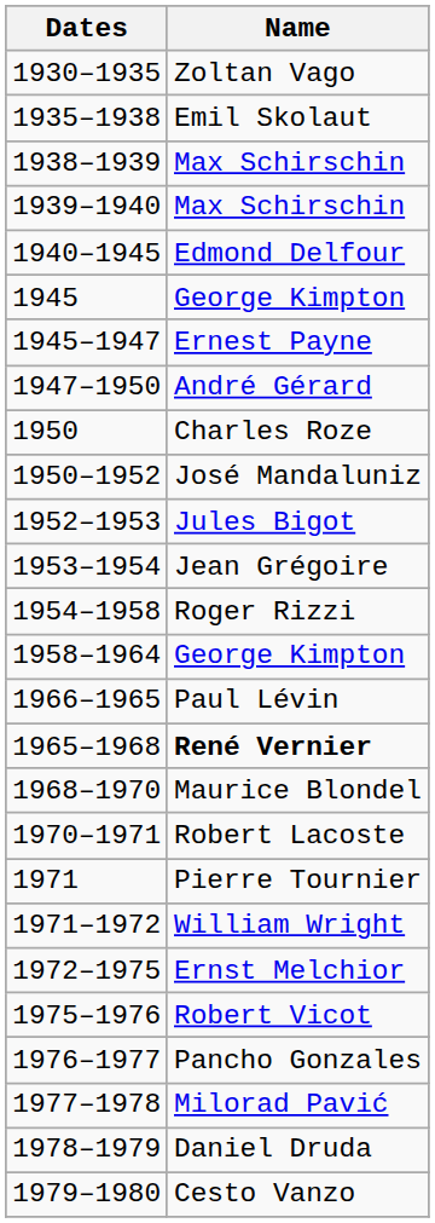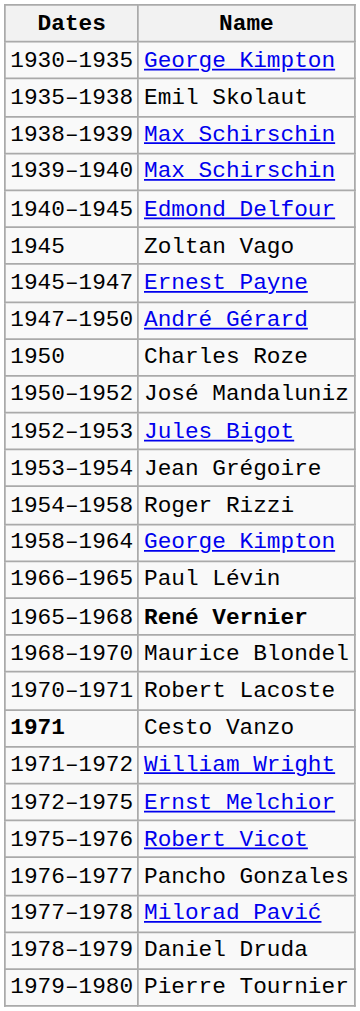 <table class="wikitable">
 <tr>
 <th>Dates</th>
 <th>Name</th>
 </tr>
 <tr>
 <td>1930–1935</td>
-<td>Zoltan Vago</td>
+<td><a href='#'>George Kimpton</a></td>
 </tr>
 <tr>
 <td>1935–1938</td>
 <td>Emil Skolaut</td>
 </tr>
 <tr>
 <td>1938–1939</td>
 <td><a href='#'>Max Schirschin</a></td>
 </tr>
 <tr>
 <td>1939–1940</td>
 <td><a href='#'>Max Schirschin</a></td>
 </tr>
 <tr>
 <td>1940–1945</td>
 <td><a href='#'>Edmond Delfour</a></td>
 </tr>
 <tr>
 <td>1945</td>
-<td><a href='#'>George Kimpton</a></td>
+<td>Zoltan Vago</td>
 </tr>
 <tr>
 <td>1945–1947</td>
 <td><a href='#'>Ernest Payne</a></td>
 </tr>
 <tr>
 <td>1947–1950</td>
 <td><a href='#'>André Gérard</a></td>
 </tr>
 <tr>
 <td>1950</td>
 <td>Charles Roze</td>
 </tr>
 <tr>
 <td>1950–1952</td>
 <td>José Mandaluniz</td>
 </tr>
 <tr>
 <td>1952–1953</td>
 <td><a href='#'>Jules Bigot</a></td>
 </tr>
 <tr>
 <td>1953–1954</td>
 <td>Jean Grégoire</td>
 </tr>
 <tr>
 <td>1954–1958</td>
 <td>Roger Rizzi</td>
 </tr>
 <tr>
 <td>1958–1964</td>
 <td><a href='#'>George Kimpton</a></td>
 </tr>
 <tr>
 <td>1966–1965</td>
 <td>Paul Lévin</td>
 </tr>
 <tr>
 <td>1965–1968</td>
 <td><strong>René Vernier</strong></td>
 </tr>
 <tr>
 <td>1968–1970</td>
 <td>Maurice Blondel</td>
 </tr>
 <tr>
 <td>1970–1971</td>
 <td>Robert Lacoste</td>
 </tr>
 <tr>
-<td>1971</td>
-<td>Pierre Tournier</td>
+<td><strong>1971</strong></td>
+<td>Cesto Vanzo</td>
 </tr>
 <tr>
 <td>1971–1972</td>
 <td><a href='#'>William Wright</a></td>
 </tr>
 <tr>
 <td>1972–1975</td>
 <td><a href='#'>Ernst Melchior</a></td>
 </tr>
 <tr>
 <td>1975–1976</td>
 <td><a href='#'>Robert Vicot</a></td>
 </tr>
 <tr>
 <td>1976–1977</td>
 <td>Pancho Gonzales</td>
 </tr>
 <tr>
 <td>1977–1978</td>
 <td><a href='#'>Milorad Pavić</a></td>
 </tr>
 <tr>
 <td>1978–1979</td>
 <td>Daniel Druda</td>
 </tr>
 <tr>
 <td>1979–1980</td>
-<td>Cesto Vanzo</td>
+<td>Pierre Tournier</td>
 </tr>
 </table>
